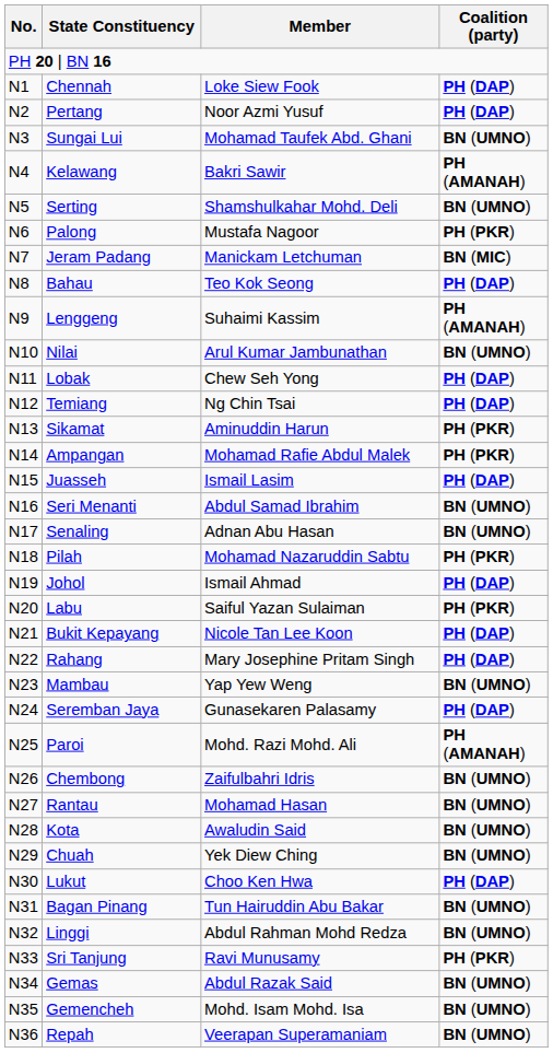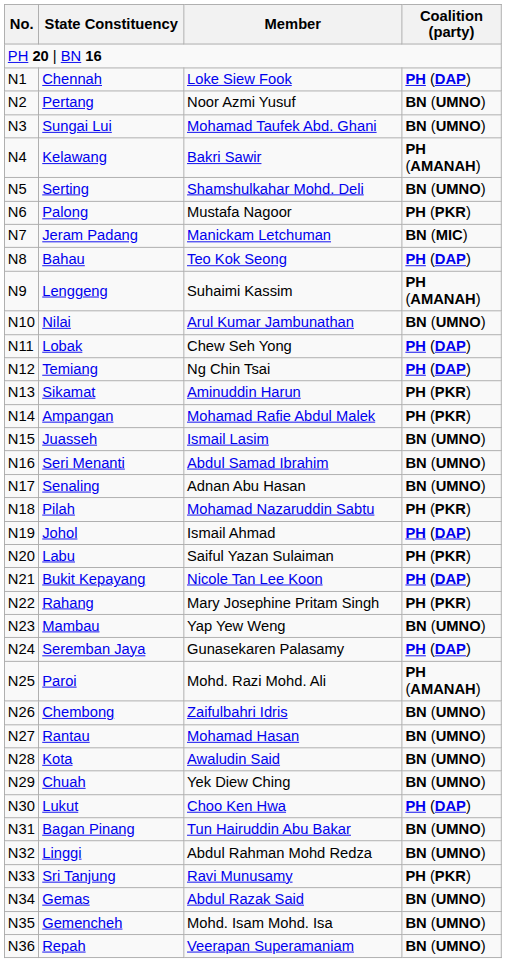 <table class="wikitable sortable">
 <tr>
 <th style="width:30px;">No.</th>
 <th style="width:150px;">State Constituency</th>
 <th style="width:230px;">Member</th>
 <th style="width:100px;">Coalition (party)</th>
 </tr>
 <tr>
 <td colspan="8"><a href='#'>PH</a> <strong>20</strong> | <a href='#'>BN</a> <strong>16</strong></td>
 </tr>
 <tr>
 <td>N1</td>
 <td><a href='#'>Chennah</a></td>
 <td><a href='#'>Loke Siew Fook</a></td>
 <td style="background:"><strong><a href='#'>PH</a></strong> (<strong><a href='#'>DAP</a></strong>)</td>
 </tr>
 <tr>
 <td>N2</td>
 <td><a href='#'>Pertang</a></td>
 <td>Noor Azmi Yusuf</td>
-<td style="background:"><strong><a href='#'>PH</a></strong> (<strong><a href='#'>DAP</a></strong>)</td>
+<td style="background:"><strong>BN</strong> (<strong>UMNO</strong>)</td>
 </tr>
 <tr>
 <td>N3</td>
 <td><a href='#'>Sungai Lui</a></td>
 <td><a href='#'>Mohamad Taufek Abd. Ghani</a></td>
 <td style="background:"><strong>BN</strong> (<strong>UMNO</strong>)</td>
 </tr>
 <tr>
 <td>N4</td>
 <td><a href='#'>Kelawang</a></td>
 <td><a href='#'>Bakri Sawir</a></td>
 <td style="background:"><strong>PH</strong> (<strong>AMANAH</strong>)</td>
 </tr>
 <tr>
 <td>N5</td>
 <td><a href='#'>Serting</a></td>
 <td><a href='#'>Shamshulkahar Mohd. Deli</a></td>
 <td style="background:"><strong>BN</strong> (<strong>UMNO</strong>)</td>
 </tr>
 <tr>
 <td>N6</td>
 <td><a href='#'>Palong</a></td>
 <td>Mustafa Nagoor</td>
 <td style="background:"><strong>PH</strong> (<strong>PKR</strong>)</td>
 </tr>
 <tr>
 <td>N7</td>
 <td><a href='#'>Jeram Padang</a></td>
 <td><a href='#'>Manickam Letchuman</a></td>
 <td style="background:"><strong>BN</strong> (<strong>MIC</strong>)</td>
 </tr>
 <tr>
 <td>N8</td>
 <td><a href='#'>Bahau</a></td>
 <td><a href='#'>Teo Kok Seong</a></td>
 <td style="background:"><strong><a href='#'>PH</a></strong> (<strong><a href='#'>DAP</a></strong>)</td>
 </tr>
 <tr>
 <td>N9</td>
 <td><a href='#'>Lenggeng</a></td>
 <td>Suhaimi Kassim</td>
 <td style="background:"><strong>PH</strong> (<strong>AMANAH</strong>)</td>
 </tr>
 <tr>
 <td>N10</td>
 <td><a href='#'>Nilai</a></td>
 <td><a href='#'>Arul Kumar Jambunathan</a></td>
 <td style="background:"><strong>BN</strong> (<strong>UMNO</strong>)</td>
 </tr>
 <tr>
 <td>N11</td>
 <td><a href='#'>Lobak</a></td>
 <td>Chew Seh Yong</td>
 <td style="background:"><strong><a href='#'>PH</a></strong> (<strong><a href='#'>DAP</a></strong>)</td>
 </tr>
 <tr>
 <td>N12</td>
 <td><a href='#'>Temiang</a></td>
 <td>Ng Chin Tsai</td>
 <td style="background:"><strong><a href='#'>PH</a></strong> (<strong><a href='#'>DAP</a></strong>)</td>
 </tr>
 <tr>
 <td>N13</td>
 <td><a href='#'>Sikamat</a></td>
 <td><a href='#'>Aminuddin Harun</a></td>
 <td style="background:"><strong>PH</strong> (<strong>PKR</strong>)</td>
 </tr>
 <tr>
 <td>N14</td>
 <td><a href='#'>Ampangan</a></td>
 <td><a href='#'>Mohamad Rafie Abdul Malek</a></td>
 <td style="background:"><strong>PH</strong> (<strong>PKR</strong>)</td>
 </tr>
 <tr ->
 <td>N15</td>
 <td><a href='#'>Juasseh</a></td>
 <td><a href='#'>Ismail Lasim</a></td>
-<td style="background:"><strong><a href='#'>PH</a></strong> (<strong><a href='#'>DAP</a></strong>)</td>
+<td style="background:"><strong>BN</strong> (<strong>UMNO</strong>)</td>
 </tr>
 <tr>
 <td>N16</td>
 <td><a href='#'>Seri Menanti</a></td>
 <td><a href='#'>Abdul Samad Ibrahim</a></td>
 <td style="background:"><strong>BN</strong> (<strong>UMNO</strong>)</td>
 </tr>
 <tr>
 <td>N17</td>
 <td><a href='#'>Senaling</a></td>
 <td>Adnan Abu Hasan</td>
 <td style="background:"><strong>BN</strong> (<strong>UMNO</strong>)</td>
 </tr>
 <tr>
 <td>N18</td>
 <td><a href='#'>Pilah</a></td>
 <td><a href='#'>Mohamad Nazaruddin Sabtu</a></td>
 <td style="background:"><strong>PH</strong> (<strong>PKR</strong>)</td>
 </tr>
 <tr>
 <td>N19</td>
 <td><a href='#'>Johol</a></td>
 <td>Ismail Ahmad</td>
 <td style="background:"><strong><a href='#'>PH</a></strong> (<strong><a href='#'>DAP</a></strong>)</td>
 </tr>
 <tr>
 <td>N20</td>
 <td><a href='#'>Labu</a></td>
 <td>Saiful Yazan Sulaiman</td>
 <td style="background:"><strong>PH</strong> (<strong>PKR</strong>)</td>
 </tr>
 <tr>
 <td>N21</td>
 <td><a href='#'>Bukit Kepayang</a></td>
 <td><a href='#'>Nicole Tan Lee Koon</a></td>
 <td style="background:"><strong><a href='#'>PH</a></strong> (<strong><a href='#'>DAP</a></strong>)</td>
 </tr>
 <tr>
 <td>N22</td>
 <td><a href='#'>Rahang</a></td>
 <td>Mary Josephine Pritam Singh</td>
-<td style="background:"><strong><a href='#'>PH</a></strong> (<strong><a href='#'>DAP</a></strong>)</td>
+<td style="background:"><strong>PH</strong> (<strong>PKR</strong>)</td>
 </tr>
 <tr>
 <td>N23</td>
 <td><a href='#'>Mambau</a></td>
 <td>Yap Yew Weng</td>
 <td style="background:"><strong>BN</strong> (<strong>UMNO</strong>)</td>
 </tr>
 <tr>
 <td>N24</td>
 <td><a href='#'>Seremban Jaya</a></td>
 <td>Gunasekaren Palasamy</td>
 <td style="background:"><strong><a href='#'>PH</a></strong> (<strong><a href='#'>DAP</a></strong>)</td>
 </tr>
 <tr>
 <td>N25</td>
 <td><a href='#'>Paroi</a></td>
 <td>Mohd. Razi Mohd. Ali</td>
 <td style="background:"><strong>PH</strong> (<strong>AMANAH</strong>)</td>
 </tr>
 <tr>
 <td>N26</td>
 <td><a href='#'>Chembong</a></td>
 <td><a href='#'>Zaifulbahri Idris</a></td>
 <td style="background:"><strong>BN</strong> (<strong>UMNO</strong>)</td>
 </tr>
 <tr>
 <td>N27</td>
 <td><a href='#'>Rantau</a></td>
 <td><a href='#'>Mohamad Hasan</a></td>
 <td style="background:"><strong>BN</strong> (<strong>UMNO</strong>)</td>
 </tr>
 <tr>
 <td>N28</td>
 <td><a href='#'>Kota</a></td>
 <td><a href='#'>Awaludin Said</a></td>
 <td style="background:"><strong>BN</strong> (<strong>UMNO</strong>)</td>
 </tr>
 <tr>
 <td>N29</td>
 <td><a href='#'>Chuah</a></td>
 <td>Yek Diew Ching</td>
 <td style="background:"><strong>BN</strong> (<strong>UMNO</strong>)</td>
 </tr>
 <tr>
 <td>N30</td>
 <td><a href='#'>Lukut</a></td>
 <td><a href='#'>Choo Ken Hwa</a></td>
 <td style="background:"><strong><a href='#'>PH</a></strong> (<strong><a href='#'>DAP</a></strong>)</td>
 </tr>
 <tr>
 <td>N31</td>
 <td><a href='#'>Bagan Pinang</a></td>
 <td><a href='#'>Tun Hairuddin Abu Bakar</a></td>
 <td style="background:"><strong>BN</strong> (<strong>UMNO</strong>)</td>
 </tr>
 <tr>
 <td>N32</td>
 <td><a href='#'>Linggi</a></td>
 <td>Abdul Rahman Mohd Redza</td>
 <td style="background:"><strong>BN</strong> (<strong>UMNO</strong>)</td>
 </tr>
 <tr>
 <td>N33</td>
 <td><a href='#'>Sri Tanjung</a></td>
 <td><a href='#'>Ravi Munusamy</a></td>
 <td style="background:"><strong>PH</strong> (<strong>PKR</strong>)</td>
 </tr>
 <tr>
 <td>N34</td>
 <td><a href='#'>Gemas</a></td>
 <td><a href='#'>Abdul Razak Said</a></td>
 <td style="background:"><strong>BN</strong> (<strong>UMNO</strong>)</td>
 </tr>
 <tr>
 <td>N35</td>
 <td><a href='#'>Gemencheh</a></td>
 <td>Mohd. Isam Mohd. Isa</td>
 <td style="background:"><strong>BN</strong> (<strong>UMNO</strong>)</td>
 </tr>
 <tr>
 <td>N36</td>
 <td><a href='#'>Repah</a></td>
 <td><a href='#'>Veerapan Superamaniam</a></td>
 <td style="background:"><strong>BN</strong> (<strong>UMNO</strong>)</td>
 </tr>
 </table>
